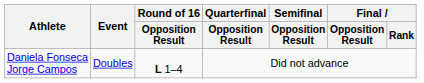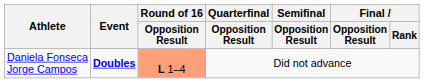 <table class="wikitable" style="font-size:90%;">
 <tr>
 <th rowspan=2>Athlete</th>
 <th rowspan=2>Event</th>
 <th>Round of 16</th>
 <th>Quarterfinal</th>
 <th>Semifinal</th>
 <th colspan=2>Final / </th>
 </tr>
 <tr style="font-size:95%">
 <th>Opposition<br>Result</th>
 <th>Opposition<br>Result</th>
 <th>Opposition<br>Result</th>
 <th>Opposition<br>Result</th>
 <th>Rank</th>
 </tr>
 <tr align=center>
 <td align=left><a href='#'>Daniela Fonseca</a><br><a href='#'>Jorge Campos</a></td>
-<td align=left><a href='#'>Doubles</a></td>
-<td><br><strong>L</strong> 1–4</td>
+<td align=left><strong><a href='#'>Doubles</a></strong></td>
+<td style="background: lightsalmon;"><br><strong>L</strong> 1–4</td>
 <td colspan=4>Did not advance</td>
 </tr>
 </table>
